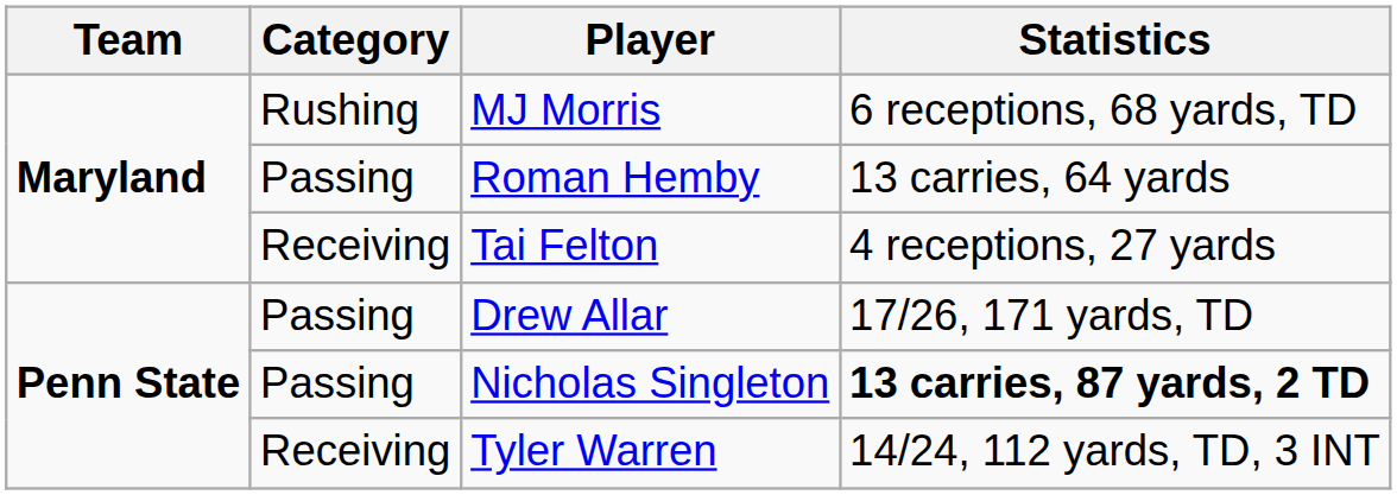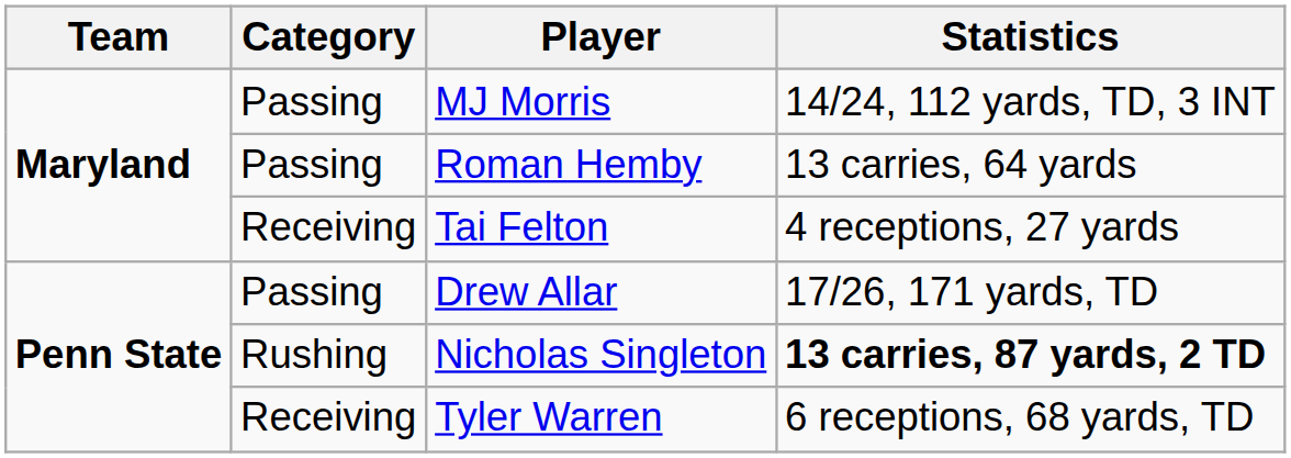 <table class="wikitable" style="float: right;">
 <tr>
 <th>Team</th>
 <th>Category</th>
 <th>Player</th>
 <th>Statistics</th>
 </tr>
 <tr>
 <td rowspan=3><strong>Maryland</strong></td>
-<td>Rushing</td>
+<td>Passing</td>
 <td><a href='#'>MJ Morris</a></td>
-<td>6 receptions, 68 yards, TD</td>
+<td>14/24, 112 yards, TD, 3 INT</td>
 </tr>
 <tr>
 <td>Passing</td>
 <td><a href='#'>Roman Hemby</a></td>
 <td>13 carries, 64 yards</td>
 </tr>
 <tr>
 <td>Receiving</td>
 <td><a href='#'>Tai Felton</a></td>
 <td>4 receptions, 27 yards</td>
 </tr>
 <tr>
 <td rowspan=3><strong>Penn State</strong></td>
 <td>Passing</td>
 <td><a href='#'>Drew Allar</a></td>
 <td>17/26, 171 yards, TD</td>
 </tr>
 <tr>
-<td>Passing</td>
+<td>Rushing</td>
 <td><a href='#'>Nicholas Singleton</a></td>
 <td><strong>13 carries, 87 yards, 2 TD</strong></td>
 </tr>
 <tr>
 <td>Receiving</td>
 <td><a href='#'>Tyler Warren</a></td>
-<td>14/24, 112 yards, TD, 3 INT</td>
+<td>6 receptions, 68 yards, TD</td>
 </tr>
 </table>
